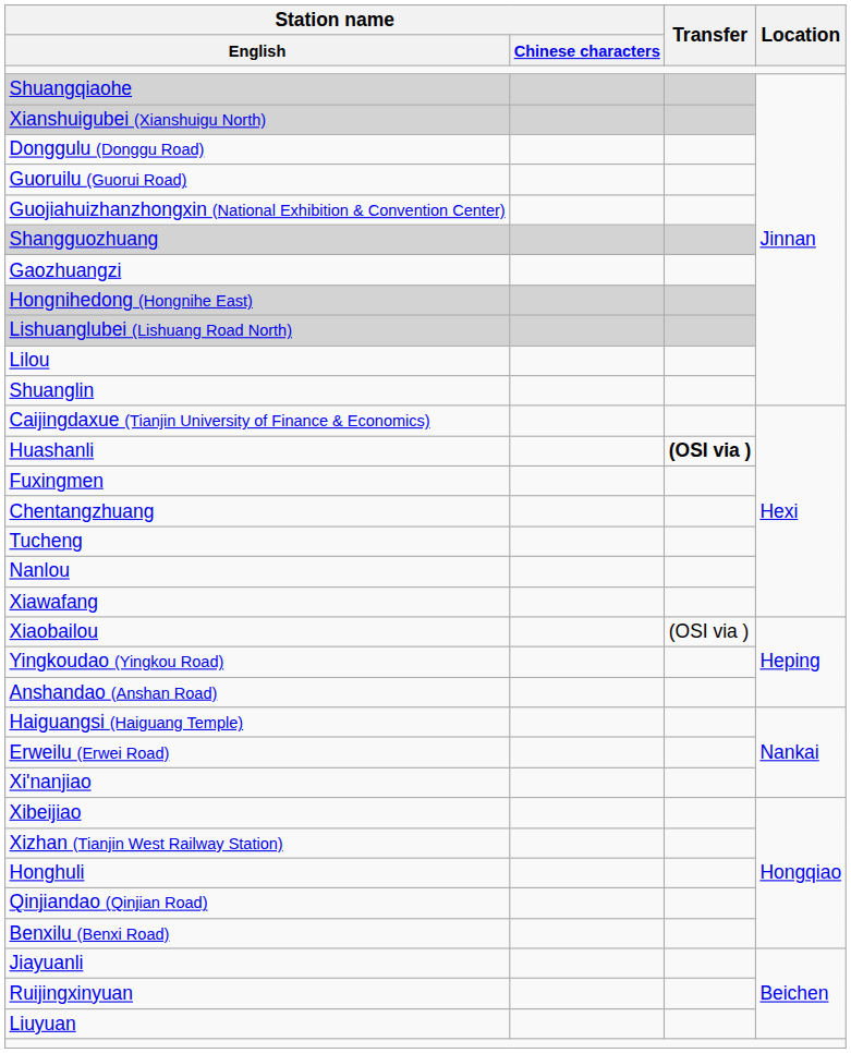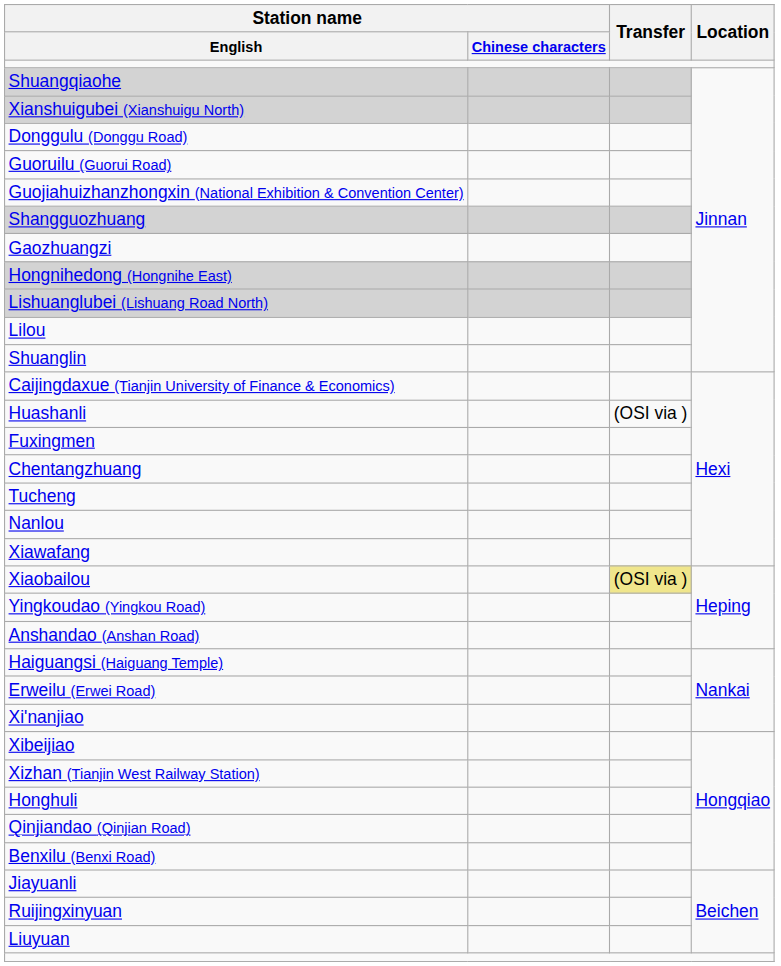 <table class="wikitable">
 <tr>
 <th colspan=2>Station name</th>
 <th rowspan=2>Transfer</th>
 <th rowspan=2>Location</th>
 </tr>
 <tr>
 <th><small>English</small></th>
 <th><small><a href='#'>Chinese characters</a></small></th>
 </tr>
 <tr style="background:#">
 <td colspan = "4"></td>
 </tr>
 <tr>
 <td bgcolor="lightgrey"><a href='#'>Shuangqiaohe</a></td>
 <td bgcolor="lightgrey"><span></span></td>
 <td align="left"bgcolor="lightgrey"></td>
 <td rowspan=11><a href='#'>Jinnan</a></td>
 </tr>
 <tr bgcolor="lightgrey">
 <td><a href='#'>Xianshuigubei <small>(Xianshuigu North)</small></a></td>
 <td><span></span></td>
 <td align="left"></td>
 </tr>
 <tr>
 <td><a href='#'>Donggulu <small>(Donggu Road)</small></a></td>
 <td><span></span></td>
 <td align="left"></td>
 </tr>
 <tr>
 <td><a href='#'>Guoruilu <small>(Guorui Road)</small></a></td>
 <td><span></span></td>
 <td align="left"></td>
 </tr>
 <tr>
 <td><a href='#'>Guojiahuizhanzhongxin <small>(National Exhibition & Convention Center)</small></a></td>
 <td><span></span></td>
 <td align="left"></td>
 </tr>
 <tr bgcolor="lightgrey">
 <td><a href='#'>Shangguozhuang</a></td>
 <td><span></span></td>
 <td align="left"></td>
 </tr>
 <tr>
 <td><a href='#'>Gaozhuangzi</a></td>
 <td><span></span></td>
 <td align="left"></td>
 </tr>
 <tr bgcolor="lightgrey">
 <td><a href='#'>Hongnihedong <small>(Hongnihe East)</small></a></td>
 <td><span></span></td>
 <td align="left"></td>
 </tr>
 <tr bgcolor="lightgrey">
 <td><a href='#'>Lishuanglubei <small>(Lishuang Road North)</small></a></td>
 <td><span></span></td>
 <td align="left"></td>
 </tr>
 <tr>
 <td><a href='#'>Lilou</a></td>
 <td><span></span></td>
 <td align="left"></td>
 </tr>
 <tr>
 <td><a href='#'>Shuanglin</a></td>
 <td><span></span></td>
 <td align="left"></td>
 </tr>
 <tr>
 <td><a href='#'>Caijingdaxue <small>(Tianjin University of Finance & Economics)</small></a></td>
 <td><span></span></td>
 <td align="left"></td>
 <td rowspan=7><a href='#'>Hexi</a></td>
 </tr>
 <tr>
 <td><a href='#'>Huashanli</a></td>
 <td><span></span></td>
-<td align="left"><strong> (OSI via )</strong></td>
+<td align="left"> (OSI via )</td>
 </tr>
 <tr>
 <td><a href='#'>Fuxingmen</a></td>
 <td><span></span></td>
 <td align="left"></td>
 </tr>
 <tr>
 <td><a href='#'>Chentangzhuang</a></td>
 <td><span></span></td>
 <td align="left"></td>
 </tr>
 <tr>
 <td><a href='#'>Tucheng</a></td>
 <td><span></span></td>
 <td align="left"></td>
 </tr>
 <tr>
 <td><a href='#'>Nanlou</a></td>
 <td><span></span></td>
 <td align="left"></td>
 </tr>
 <tr>
 <td><a href='#'>Xiawafang</a></td>
 <td><span></span></td>
 <td align="left"></td>
 </tr>
 <tr>
 <td><a href='#'>Xiaobailou</a></td>
 <td><span></span></td>
-<td align="left"> (OSI via )</td>
+<td align="left" style="background: khaki;"> (OSI via )</td>
 <td rowspan=3><a href='#'>Heping</a></td>
 </tr>
 <tr>
 <td><a href='#'>Yingkoudao <small>(Yingkou Road)</small></a></td>
 <td><span></span></td>
 <td align="left"></td>
 </tr>
 <tr>
 <td><a href='#'>Anshandao <small>(Anshan Road)</small></a></td>
 <td><span></span></td>
 <td align="left"></td>
 </tr>
 <tr>
 <td><a href='#'>Haiguangsi <small>(Haiguang Temple)</small></a></td>
 <td><span></span></td>
 <td align="left"></td>
 <td rowspan=3><a href='#'>Nankai</a></td>
 </tr>
 <tr>
 <td><a href='#'>Erweilu <small>(Erwei Road)</small></a></td>
 <td><span></span></td>
 <td align="left"></td>
 </tr>
 <tr>
 <td><a href='#'>Xi'nanjiao</a></td>
 <td><span></span></td>
 <td align="left"></td>
 </tr>
 <tr>
 <td><a href='#'>Xibeijiao</a></td>
 <td><span></span></td>
 <td align="left"></td>
 <td rowspan=5><a href='#'>Hongqiao</a></td>
 </tr>
 <tr>
 <td><a href='#'>Xizhan <small>(Tianjin West Railway Station)</small></a></td>
 <td><span></span></td>
 <td align="left"></td>
 </tr>
 <tr>
 <td><a href='#'>Honghuli</a></td>
 <td><span></span></td>
 <td align="left"></td>
 </tr>
 <tr>
 <td><a href='#'>Qinjiandao <small>(Qinjian Road)</small></a></td>
 <td><span></span></td>
 <td align="left"></td>
 </tr>
 <tr>
 <td><a href='#'>Benxilu <small>(Benxi Road)</small></a></td>
 <td><span></span></td>
 <td align="left"></td>
 </tr>
 <tr>
 <td><a href='#'>Jiayuanli</a></td>
 <td><span></span></td>
 <td align="left"></td>
 <td rowspan=3><a href='#'>Beichen</a></td>
 </tr>
 <tr>
 <td><a href='#'>Ruijingxinyuan</a></td>
 <td><span></span></td>
 <td align="left"></td>
 </tr>
 <tr>
 <td><a href='#'>Liuyuan</a></td>
 <td><span></span></td>
 <td align="left"></td>
 </tr>
 <tr style="background:#">
 <td colspan = "4"></td>
 </tr>
 </table>
